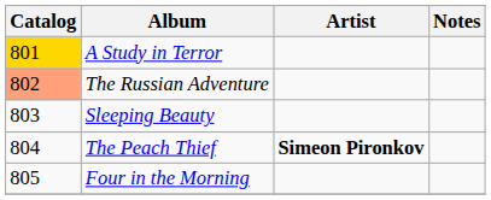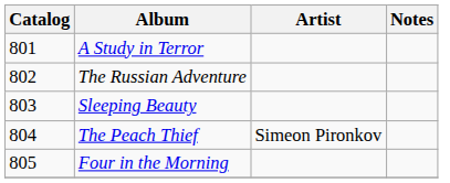 <table class="wikitable sortable">
 <tr>
 <th>Catalog</th>
 <th>Album</th>
 <th>Artist</th>
 <th>Notes</th>
 </tr>
 <tr>
-<td style="background: gold;">801</td>
+<td>801</td>
 <td><em><a href='#'>A Study in Terror</a></em></td>
 <td></td>
 <td></td>
 </tr>
 <tr>
-<td style="background: lightsalmon;">802</td>
+<td>802</td>
 <td><em>The Russian Adventure</em></td>
 <td></td>
 <td></td>
 </tr>
 <tr>
 <td>803</td>
 <td><em><a href='#'>Sleeping Beauty</a></em></td>
 <td></td>
 <td></td>
 </tr>
 <tr>
 <td>804</td>
 <td><em><a href='#'>The Peach Thief</a></em></td>
-<td><strong>Simeon Pironkov</strong></td>
+<td>Simeon Pironkov</td>
 <td></td>
 </tr>
 <tr>
 <td>805</td>
 <td><em><a href='#'>Four in the Morning</a></em></td>
 <td></td>
 <td></td>
 </tr>
 <tr>
 </tr>
 </table>
